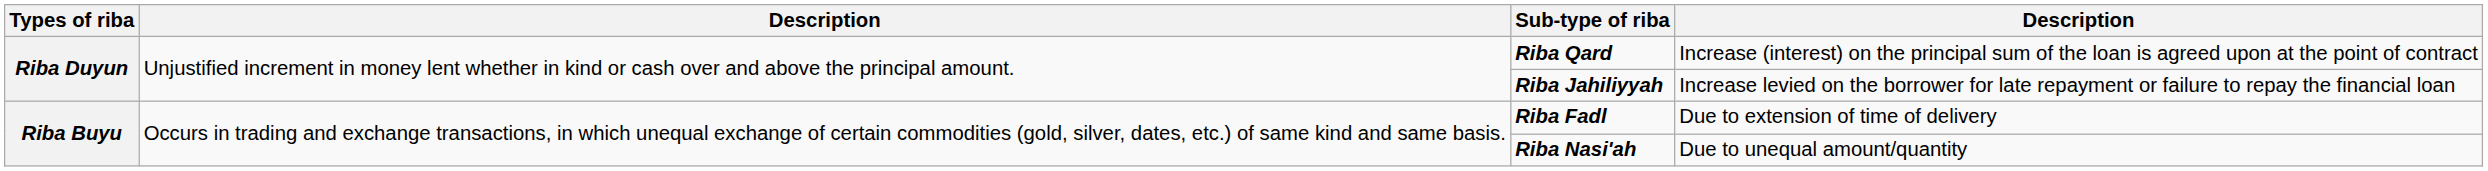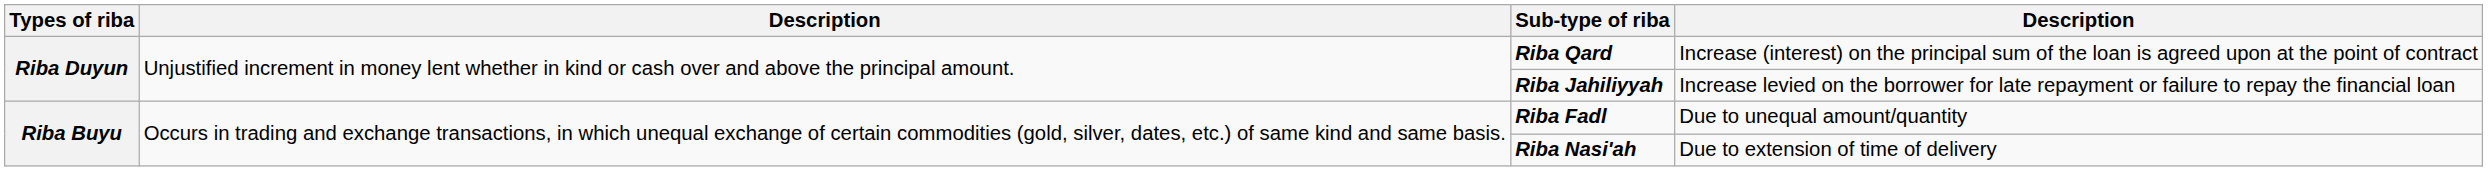 <table class="wikitable">
 <tr>
 <th>Types of riba</th>
 <th>Description</th>
 <th>Sub-type of riba</th>
 <th>Description</th>
 </tr>
 <tr>
 <th Row header 1 rowspan="2"><em>Riba Duyun</em></th>
 <td colspan="1" rowspan="2">Unjustified increment in money lent whether in kind or cash over and above the principal amount.</td>
 <td><strong><em>Riba Qard</em></strong></td>
 <td>Increase (interest) on the principal sum of the loan is agreed upon at the point of contract</td>
 </tr>
 <tr>
 <td><strong><em>Riba Jahiliyyah</em></strong></td>
 <td>Increase levied on the borrower for late repayment or failure to repay the financial loan</td>
 </tr>
 <tr>
 <th Row header 2 rowspan="2"><em>Riba Buyu</em></th>
 <td colspan="1" rowspan="2">Occurs in trading and exchange transactions, in which unequal exchange of certain commodities (gold, silver, dates, etc.) of same kind and same basis.</td>
 <td><strong><em>Riba Fadl</em></strong></td>
-<td>Due to extension of time of delivery</td>
+<td>Due to unequal amount/quantity</td>
 </tr>
 <tr>
 <td><strong><em>Riba Nasi'ah</em></strong></td>
-<td>Due to unequal amount/quantity</td>
+<td>Due to extension of time of delivery</td>
 </tr>
 </table>
